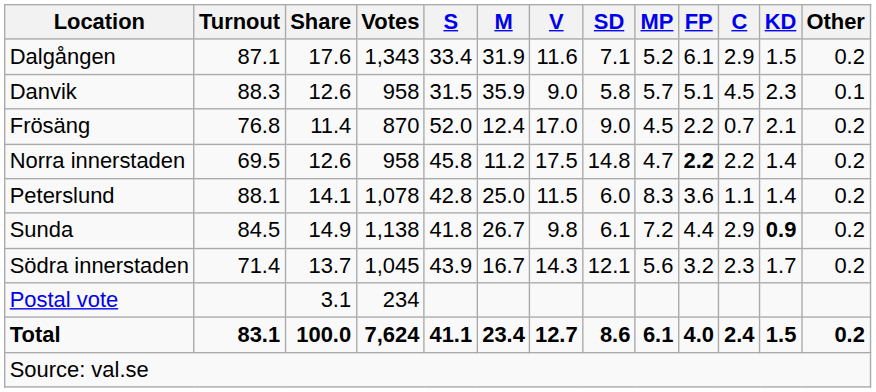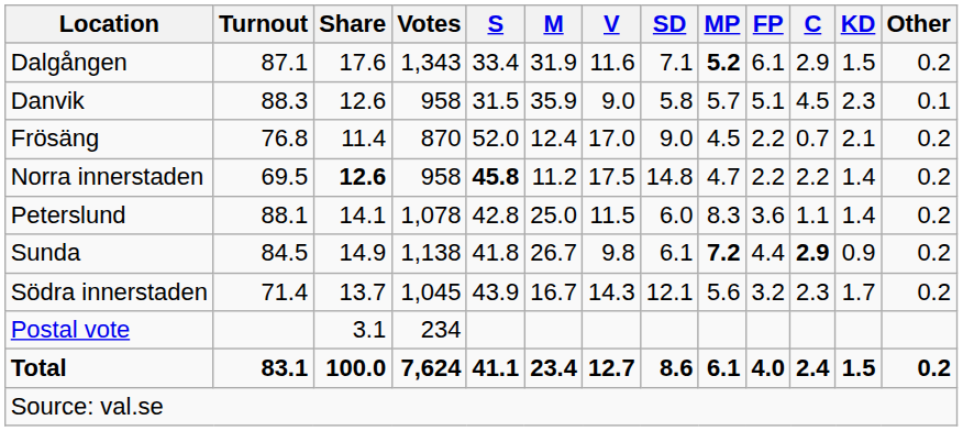 <table class="wikitable sortable" style=text-align:right>
 <tr>
 <th>Location</th>
 <th>Turnout</th>
 <th>Share</th>
 <th>Votes</th>
 <th><a href='#'>S</a></th>
 <th><a href='#'>M</a></th>
 <th><a href='#'>V</a></th>
 <th><a href='#'>SD</a></th>
 <th><a href='#'>MP</a></th>
 <th><a href='#'>FP</a></th>
 <th><a href='#'>C</a></th>
 <th><a href='#'>KD</a></th>
 <th>Other</th>
 </tr>
 <tr>
 <td align=left>Dalgången</td>
 <td>87.1</td>
 <td>17.6</td>
 <td>1,343</td>
 <td>33.4</td>
 <td>31.9</td>
 <td>11.6</td>
 <td>7.1</td>
-<td>5.2</td>
+<td><strong>5.2</strong></td>
 <td>6.1</td>
 <td>2.9</td>
 <td>1.5</td>
 <td>0.2</td>
 </tr>
 <tr>
 <td align=left>Danvik</td>
 <td>88.3</td>
 <td>12.6</td>
 <td>958</td>
 <td>31.5</td>
 <td>35.9</td>
 <td>9.0</td>
 <td>5.8</td>
 <td>5.7</td>
 <td>5.1</td>
 <td>4.5</td>
 <td>2.3</td>
 <td>0.1</td>
 </tr>
 <tr>
 <td align=left>Frösäng</td>
 <td>76.8</td>
 <td>11.4</td>
 <td>870</td>
 <td>52.0</td>
 <td>12.4</td>
 <td>17.0</td>
 <td>9.0</td>
 <td>4.5</td>
 <td>2.2</td>
 <td>0.7</td>
 <td>2.1</td>
 <td>0.2</td>
 </tr>
 <tr>
 <td align=left>Norra innerstaden</td>
 <td>69.5</td>
-<td>12.6</td>
+<td><strong>12.6</strong></td>
 <td>958</td>
-<td>45.8</td>
+<td><strong>45.8</strong></td>
 <td>11.2</td>
 <td>17.5</td>
 <td>14.8</td>
 <td>4.7</td>
-<td><strong>2.2</strong></td>
+<td>2.2</td>
 <td>2.2</td>
 <td>1.4</td>
 <td>0.2</td>
 </tr>
 <tr>
 <td align=left>Peterslund</td>
 <td>88.1</td>
 <td>14.1</td>
 <td>1,078</td>
 <td>42.8</td>
 <td>25.0</td>
 <td>11.5</td>
 <td>6.0</td>
 <td>8.3</td>
 <td>3.6</td>
 <td>1.1</td>
 <td>1.4</td>
 <td>0.2</td>
 </tr>
 <tr>
 <td align=left>Sunda</td>
 <td>84.5</td>
 <td>14.9</td>
 <td>1,138</td>
 <td>41.8</td>
 <td>26.7</td>
 <td>9.8</td>
 <td>6.1</td>
-<td>7.2</td>
+<td><strong>7.2</strong></td>
 <td>4.4</td>
-<td>2.9</td>
-<td><strong>0.9</strong></td>
+<td><strong>2.9</strong></td>
+<td>0.9</td>
 <td>0.2</td>
 </tr>
 <tr>
 <td align=left>Södra innerstaden</td>
 <td>71.4</td>
 <td>13.7</td>
 <td>1,045</td>
 <td>43.9</td>
 <td>16.7</td>
 <td>14.3</td>
 <td>12.1</td>
 <td>5.6</td>
 <td>3.2</td>
 <td>2.3</td>
 <td>1.7</td>
 <td>0.2</td>
 </tr>
 <tr>
 <td align=left><a href='#'>Postal vote</a></td>
 <td></td>
 <td>3.1</td>
 <td>234</td>
 <td></td>
 <td></td>
 <td></td>
 <td></td>
 <td></td>
 <td></td>
 <td></td>
 <td></td>
 <td></td>
 </tr>
 <tr>
 <td align=left><strong>Total</strong></td>
 <td><strong>83.1</strong></td>
 <td><strong>100.0</strong></td>
 <td><strong>7,624</strong></td>
 <td><strong>41.1</strong></td>
 <td><strong>23.4</strong></td>
 <td><strong>12.7</strong></td>
 <td><strong>8.6</strong></td>
 <td><strong>6.1</strong></td>
 <td><strong>4.0</strong></td>
 <td><strong>2.4</strong></td>
 <td><strong>1.5</strong></td>
 <td><strong>0.2</strong></td>
 </tr>
 <tr>
 <td align=left colspan=13>Source: val.se </td>
 </tr>
 </table>
